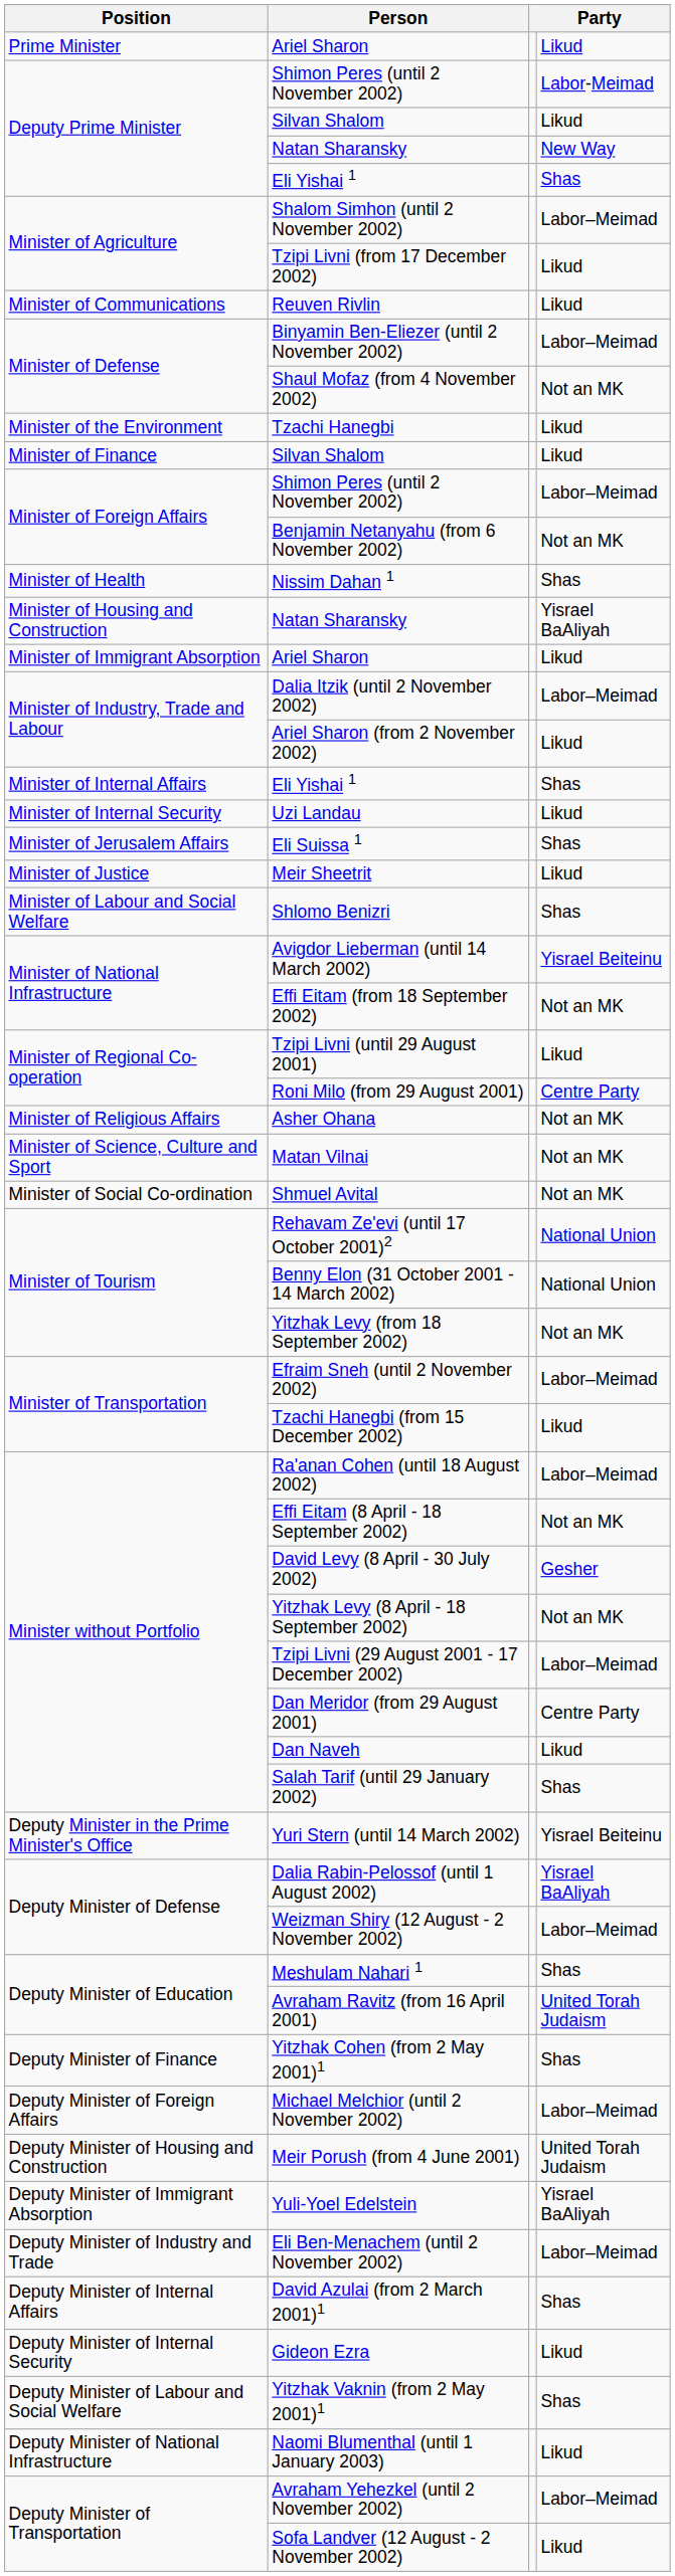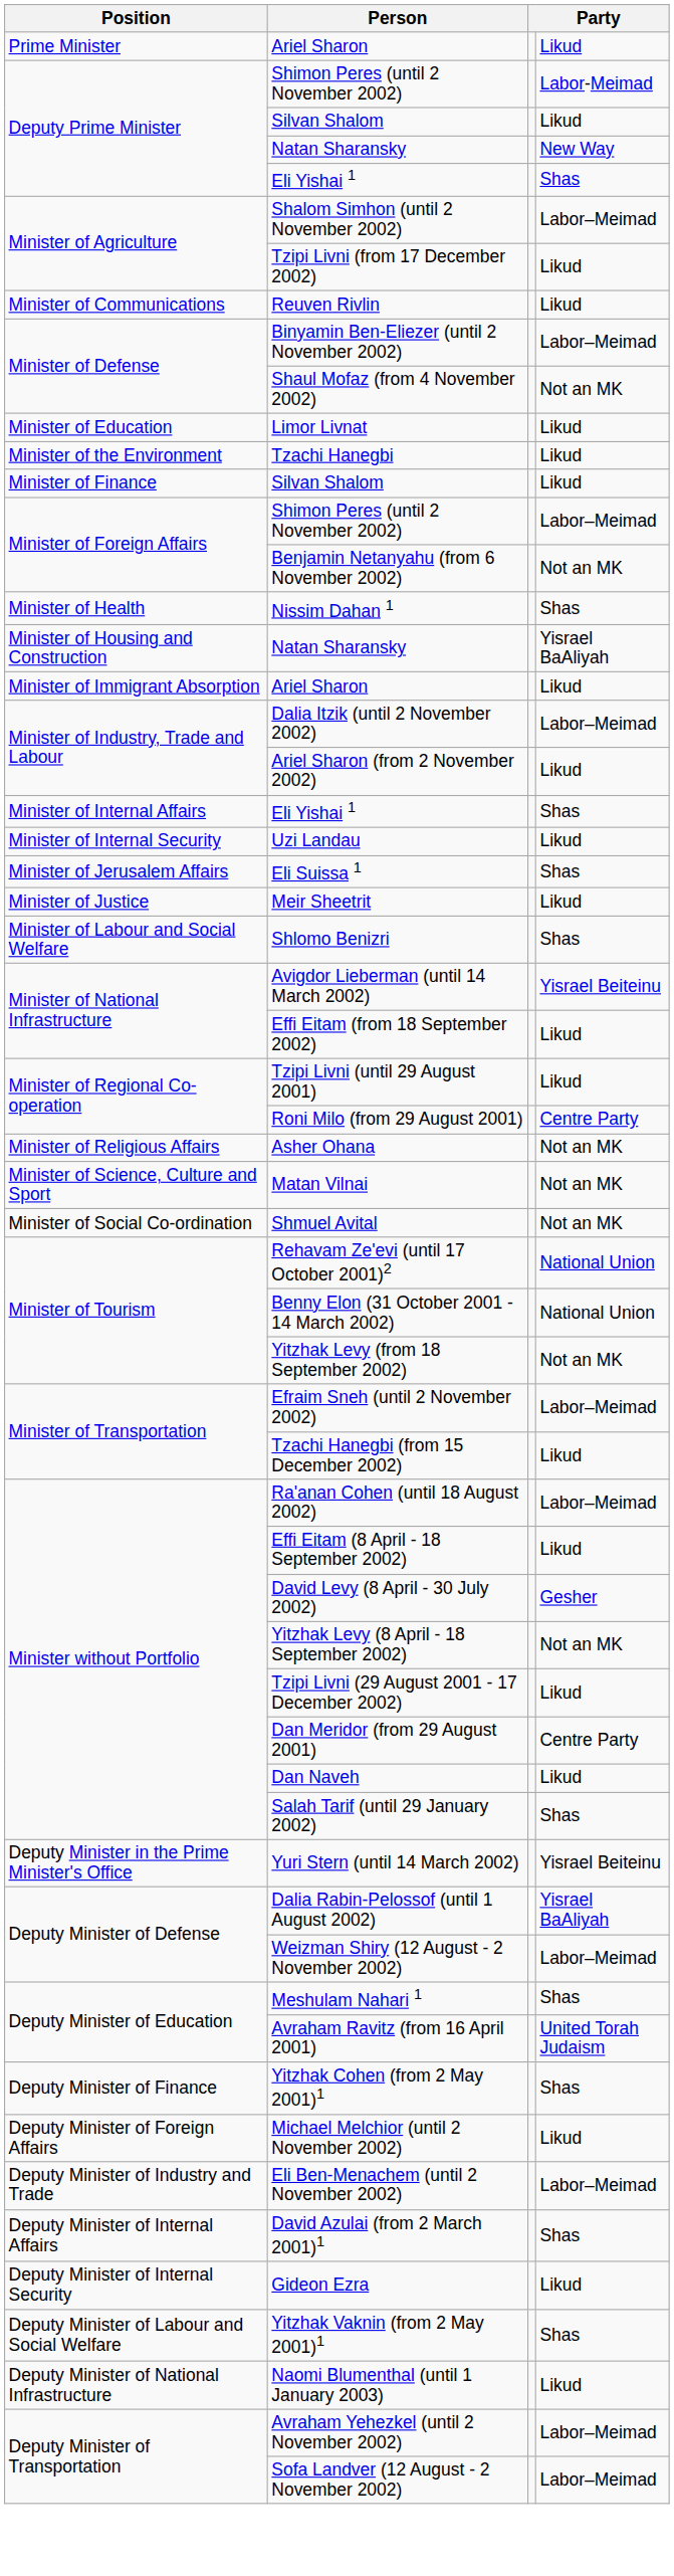 <table class=wikitable style="text-align:left">
 <tr>
 <th>Position</th>
 <th>Person</th>
 <th colspan=2>Party</th>
 </tr>
 <tr>
 <td><a href='#'>Prime Minister</a></td>
 <td><a href='#'>Ariel Sharon</a></td>
 <td style="background:"></td>
 <td><a href='#'>Likud</a></td>
 </tr>
 <tr>
 <td rowspan=4><a href='#'>Deputy Prime Minister</a></td>
 <td><a href='#'>Shimon Peres</a> (until 2 November 2002)</td>
 <td style="background:"></td>
 <td><a href='#'>Labor</a>-<a href='#'>Meimad</a></td>
 </tr>
 <tr>
 <td><a href='#'>Silvan Shalom</a></td>
 <td style="background:"></td>
 <td>Likud</td>
 </tr>
 <tr>
 <td><a href='#'>Natan Sharansky</a></td>
 <td style="background:"></td>
 <td><a href='#'>New Way</a></td>
 </tr>
 <tr>
 <td><a href='#'>Eli Yishai</a> <sup>1</sup></td>
 <td style="background:"></td>
 <td><a href='#'>Shas</a></td>
 </tr>
 <tr>
 <td rowspan=2><a href='#'>Minister of Agriculture</a></td>
 <td><a href='#'>Shalom Simhon</a> (until 2 November 2002)</td>
 <td style="background:"></td>
 <td>Labor–Meimad</td>
 </tr>
 <tr>
 <td><a href='#'>Tzipi Livni</a> (from 17 December 2002)</td>
 <td style="background:"></td>
 <td>Likud</td>
 </tr>
 <tr>
 <td><a href='#'>Minister of Communications</a></td>
 <td><a href='#'>Reuven Rivlin</a></td>
 <td style="background:"></td>
 <td>Likud</td>
 </tr>
 <tr>
 <td rowspan=2><a href='#'>Minister of Defense</a></td>
 <td><a href='#'>Binyamin Ben-Eliezer</a> (until 2 November 2002)</td>
 <td style="background:"></td>
 <td>Labor–Meimad</td>
 </tr>
 <tr>
 <td><a href='#'>Shaul Mofaz</a> (from 4 November 2002)</td>
 <td style="background:"></td>
 <td>Not an MK</td>
+</tr>
+<tr>
+<td><a href='#'>Minister of Education</a></td>
+<td><a href='#'>Limor Livnat</a></td>
+<td style="background:"></td>
+<td>Likud</td>
 </tr>
 <tr>
 <td><a href='#'>Minister of the Environment</a></td>
 <td><a href='#'>Tzachi Hanegbi</a></td>
 <td style="background:"></td>
 <td>Likud</td>
 </tr>
 <tr>
 <td><a href='#'>Minister of Finance</a></td>
 <td><a href='#'>Silvan Shalom</a></td>
 <td style="background:"></td>
 <td>Likud</td>
 </tr>
 <tr>
 <td rowspan=2><a href='#'>Minister of Foreign Affairs</a></td>
 <td><a href='#'>Shimon Peres</a> (until 2 November 2002)</td>
 <td style="background:"></td>
 <td>Labor–Meimad</td>
 </tr>
 <tr>
 <td><a href='#'>Benjamin Netanyahu</a> (from 6 November 2002)</td>
 <td style="background:"></td>
 <td>Not an MK</td>
 </tr>
 <tr>
 <td><a href='#'>Minister of Health</a></td>
 <td><a href='#'>Nissim Dahan</a> <sup>1</sup></td>
 <td style="background:"></td>
 <td>Shas</td>
 </tr>
 <tr>
 <td><a href='#'>Minister of Housing and Construction</a></td>
 <td><a href='#'>Natan Sharansky</a></td>
 <td style="background:"></td>
 <td>Yisrael BaAliyah</td>
 </tr>
 <tr>
 <td><a href='#'>Minister of Immigrant Absorption</a></td>
 <td><a href='#'>Ariel Sharon</a></td>
 <td style="background:"></td>
 <td>Likud</td>
 </tr>
 <tr>
 <td rowspan=2><a href='#'>Minister of Industry, Trade and Labour</a></td>
 <td><a href='#'>Dalia Itzik</a> (until 2 November 2002)</td>
 <td style="background:"></td>
 <td>Labor–Meimad</td>
 </tr>
 <tr>
 <td><a href='#'>Ariel Sharon</a> (from 2 November 2002)</td>
 <td style="background:"></td>
 <td>Likud</td>
 </tr>
 <tr>
 <td><a href='#'>Minister of Internal Affairs</a></td>
 <td><a href='#'>Eli Yishai</a> <sup>1</sup></td>
 <td style="background:"></td>
 <td>Shas</td>
 </tr>
 <tr>
 <td><a href='#'>Minister of Internal Security</a></td>
 <td><a href='#'>Uzi Landau</a></td>
 <td style="background:"></td>
 <td>Likud</td>
 </tr>
 <tr>
 <td><a href='#'>Minister of Jerusalem Affairs</a></td>
 <td><a href='#'>Eli Suissa</a> <sup>1</sup></td>
 <td style="background:"></td>
 <td>Shas</td>
 </tr>
 <tr>
 <td><a href='#'>Minister of Justice</a></td>
 <td><a href='#'>Meir Sheetrit</a></td>
 <td style="background:"></td>
 <td>Likud</td>
 </tr>
 <tr>
 <td><a href='#'>Minister of Labour and Social Welfare</a></td>
 <td><a href='#'>Shlomo Benizri</a></td>
 <td style="background:"></td>
 <td>Shas</td>
 </tr>
 <tr>
 <td rowspan=2><a href='#'>Minister of National Infrastructure</a></td>
 <td><a href='#'>Avigdor Lieberman</a> (until 14 March 2002)</td>
 <td style="background:"></td>
 <td><a href='#'>Yisrael Beiteinu</a></td>
 </tr>
 <tr>
 <td><a href='#'>Effi Eitam</a> (from 18 September 2002)</td>
 <td style="background:"></td>
-<td>Not an MK</td>
+<td>Likud</td>
 </tr>
 <tr>
 <td rowspan=2><a href='#'>Minister of Regional Co-operation</a></td>
 <td><a href='#'>Tzipi Livni</a> (until 29 August 2001)</td>
 <td style="background:"></td>
 <td>Likud</td>
 </tr>
 <tr>
 <td><a href='#'>Roni Milo</a> (from 29 August 2001)</td>
 <td style="background:"></td>
 <td><a href='#'>Centre Party</a></td>
 </tr>
 <tr>
 <td><a href='#'>Minister of Religious Affairs</a></td>
 <td><a href='#'>Asher Ohana</a></td>
 <td style="background:"></td>
 <td>Not an MK</td>
 </tr>
 <tr>
 <td><a href='#'>Minister of Science, Culture and Sport</a></td>
 <td><a href='#'>Matan Vilnai</a></td>
 <td style="background:"></td>
 <td>Not an MK</td>
 </tr>
 <tr>
 <td>Minister of Social Co-ordination</td>
 <td><a href='#'>Shmuel Avital</a></td>
 <td style="background:"></td>
 <td>Not an MK</td>
 </tr>
 <tr>
 <td rowspan=3><a href='#'>Minister of Tourism</a></td>
 <td><a href='#'>Rehavam Ze'evi</a> (until 17 October 2001)<sup>2</sup></td>
 <td style="background:"></td>
 <td><a href='#'>National Union</a></td>
 </tr>
 <tr>
 <td><a href='#'>Benny Elon</a> (31 October 2001 - 14 March 2002)</td>
 <td style="background:"></td>
 <td>National Union</td>
 </tr>
 <tr>
 <td><a href='#'>Yitzhak Levy</a> (from 18 September 2002)</td>
 <td style="background:"></td>
 <td>Not an MK</td>
 </tr>
 <tr>
 <td rowspan=2><a href='#'>Minister of Transportation</a></td>
 <td><a href='#'>Efraim Sneh</a> (until 2 November 2002)</td>
 <td style="background:"></td>
 <td>Labor–Meimad</td>
 </tr>
 <tr>
 <td><a href='#'>Tzachi Hanegbi</a> (from 15 December 2002)</td>
 <td style="background:"></td>
 <td>Likud</td>
 </tr>
 <tr>
 <td rowspan=8><a href='#'>Minister without Portfolio</a></td>
 <td><a href='#'>Ra'anan Cohen</a> (until 18 August 2002)</td>
 <td style="background:"></td>
 <td>Labor–Meimad</td>
 </tr>
 <tr>
 <td><a href='#'>Effi Eitam</a> (8 April - 18 September 2002)</td>
 <td style="background:"></td>
-<td>Not an MK</td>
+<td>Likud</td>
 </tr>
 <tr>
 <td><a href='#'>David Levy</a> (8 April - 30 July 2002)</td>
 <td style="background:"></td>
 <td><a href='#'>Gesher</a></td>
 </tr>
 <tr>
 <td><a href='#'>Yitzhak Levy</a> (8 April - 18 September 2002)</td>
 <td style="background:"></td>
 <td>Not an MK</td>
 </tr>
 <tr>
 <td><a href='#'>Tzipi Livni</a> (29 August 2001 - 17 December 2002)</td>
 <td style="background:"></td>
-<td>Labor–Meimad</td>
+<td>Likud</td>
 </tr>
 <tr>
 <td><a href='#'>Dan Meridor</a> (from 29 August 2001)</td>
 <td style="background:"></td>
 <td>Centre Party</td>
 </tr>
 <tr>
 <td><a href='#'>Dan Naveh</a></td>
 <td style="background:"></td>
 <td>Likud</td>
 </tr>
 <tr>
 <td><a href='#'>Salah Tarif</a> (until 29 January 2002)</td>
 <td style="background:"></td>
 <td>Shas</td>
 </tr>
 <tr>
 <td>Deputy <a href='#'>Minister in the Prime Minister's Office</a></td>
 <td><a href='#'>Yuri Stern</a> (until 14 March 2002)</td>
 <td style="background:"></td>
 <td>Yisrael Beiteinu</td>
 </tr>
 <tr>
 <td rowspan=2>Deputy Minister of Defense</td>
 <td><a href='#'>Dalia Rabin-Pelossof</a> (until 1 August 2002)</td>
 <td style="background:#FFFFFF"></td>
 <td><a href='#'>Yisrael BaAliyah</a></td>
 </tr>
 <tr>
 <td><a href='#'>Weizman Shiry</a> (12 August - 2 November 2002)</td>
 <td style="background:"></td>
 <td>Labor–Meimad</td>
 </tr>
 <tr>
 <td rowspan=2>Deputy Minister of Education</td>
 <td><a href='#'>Meshulam Nahari</a> <sup>1</sup></td>
 <td style="background:"></td>
 <td>Shas</td>
 </tr>
 <tr>
 <td><a href='#'>Avraham Ravitz</a> (from 16 April 2001)</td>
 <td style="background:"></td>
 <td><a href='#'>United Torah Judaism</a></td>
 </tr>
 <tr>
 <td>Deputy Minister of Finance</td>
 <td><a href='#'>Yitzhak Cohen</a> (from 2 May 2001)<sup>1</sup></td>
 <td style="background:"></td>
 <td>Shas</td>
 </tr>
 <tr>
 <td>Deputy Minister of Foreign Affairs</td>
 <td><a href='#'>Michael Melchior</a> (until 2 November 2002)</td>
 <td style="background:"></td>
-<td>Labor–Meimad</td>
-</tr>
-<tr>
-<td>Deputy Minister of Housing and Construction</td>
-<td><a href='#'>Meir Porush</a> (from 4 June 2001)</td>
-<td style="background:"></td>
-<td>United Torah Judaism</td>
-</tr>
-<tr>
-<td>Deputy Minister of Immigrant Absorption</td>
-<td><a href='#'>Yuli-Yoel Edelstein</a></td>
-<td style="background:"></td>
-<td>Yisrael BaAliyah</td>
+<td>Likud</td>
 </tr>
 <tr>
 <td>Deputy Minister of Industry and Trade</td>
 <td><a href='#'>Eli Ben-Menachem</a> (until 2 November 2002)</td>
 <td style="background:"></td>
 <td>Labor–Meimad</td>
 </tr>
 <tr>
 <td>Deputy Minister of Internal Affairs</td>
 <td><a href='#'>David Azulai</a> (from 2 March 2001)<sup>1</sup></td>
 <td style="background:"></td>
 <td>Shas</td>
 </tr>
 <tr>
 <td>Deputy Minister of Internal Security</td>
 <td><a href='#'>Gideon Ezra</a></td>
 <td style="background:"></td>
 <td>Likud</td>
 </tr>
 <tr>
 <td>Deputy Minister of Labour and Social Welfare</td>
 <td><a href='#'>Yitzhak Vaknin</a> (from 2 May 2001)<sup>1</sup></td>
 <td style="background:"></td>
 <td>Shas</td>
 </tr>
 <tr>
 <td>Deputy Minister of National Infrastructure</td>
 <td><a href='#'>Naomi Blumenthal</a> (until 1 January 2003)</td>
 <td style="background:"></td>
 <td>Likud</td>
 </tr>
 <tr>
 <td rowspan=2>Deputy Minister of Transportation</td>
 <td><a href='#'>Avraham Yehezkel</a> (until 2 November 2002)</td>
 <td style="background:"></td>
 <td>Labor–Meimad</td>
 </tr>
 <tr>
 <td><a href='#'>Sofa Landver</a> (12 August - 2 November 2002)</td>
 <td style="background:"></td>
-<td>Likud</td>
+<td>Labor–Meimad</td>
 </tr>
 </table>
